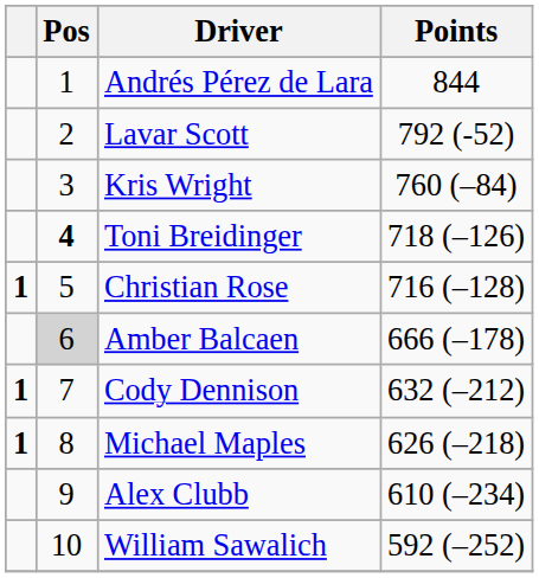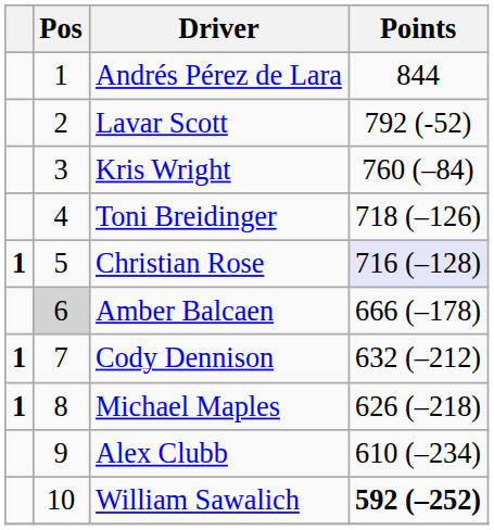 <table class="wikitable" style="font-size: 95%;">
 <tr>
 <th></th>
 <th>Pos</th>
 <th>Driver</th>
 <th>Points</th>
 </tr>
 <tr>
 <td align="left"></td>
 <td style="text-align:center;">1</td>
 <td><a href='#'>Andrés Pérez de Lara</a></td>
 <td style="text-align:center;">844</td>
 </tr>
 <tr>
 <td align="left"></td>
 <td style="text-align:center;">2</td>
 <td><a href='#'>Lavar Scott</a></td>
 <td style="text-align:center;">792 (-52)</td>
 </tr>
 <tr>
 <td align="left"></td>
 <td style="text-align:center;">3</td>
 <td><a href='#'>Kris Wright</a></td>
 <td style="text-align:center;">760 (–84)</td>
 </tr>
 <tr>
 <td align="left"></td>
-<td style="text-align:center;"><strong>4</strong></td>
+<td style="text-align:center;">4</td>
 <td><a href='#'>Toni Breidinger</a></td>
 <td style="text-align:center;">718 (–126)</td>
 </tr>
 <tr>
 <td align="left"> <strong>1</strong></td>
 <td style="text-align:center;">5</td>
 <td><a href='#'>Christian Rose</a></td>
-<td style="text-align:center;">716 (–128)</td>
+<td style="background: lavender; text-align:center;">716 (–128)</td>
 </tr>
 <tr>
 <td align="left"></td>
 <td style="background: lightgrey; text-align:center;">6</td>
 <td><a href='#'>Amber Balcaen</a></td>
 <td style="text-align:center;">666 (–178)</td>
 </tr>
 <tr>
 <td align="left"> <strong>1</strong></td>
 <td style="text-align:center;">7</td>
 <td><a href='#'>Cody Dennison</a></td>
 <td style="text-align:center;">632 (–212)</td>
 </tr>
 <tr>
 <td align="left"> <strong>1</strong></td>
 <td style="text-align:center;">8</td>
 <td><a href='#'>Michael Maples</a></td>
 <td style="text-align:center;">626 (–218)</td>
 </tr>
 <tr>
 <td align="left"></td>
 <td style="text-align:center;">9</td>
 <td><a href='#'>Alex Clubb</a></td>
 <td style="text-align:center;">610 (–234)</td>
 </tr>
 <tr>
 <td align="left"></td>
 <td style="text-align:center;">10</td>
 <td><a href='#'>William Sawalich</a></td>
-<td style="text-align:center;">592 (–252)</td>
+<td style="text-align:center;"><strong>592 (–252)</strong></td>
 </tr>
 <tr class="sortbottom">
 </tr>
 </table>
